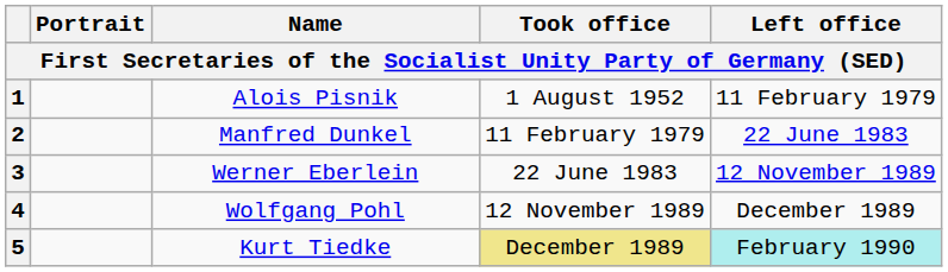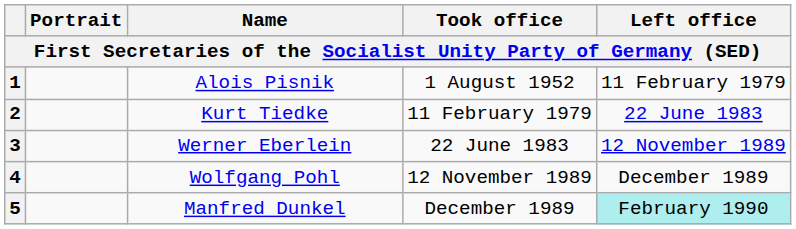 <table class="wikitable" style="text-align:center">
 <tr>
 <th></th>
 <th>Portrait</th>
 <th width=180>Name<br></th>
 <th>Took office</th>
 <th>Left office</th>
 </tr>
 <tr>
 <th colspan=5>First Secretaries of the <a href='#'>Socialist Unity Party of Germany</a> (SED)</th>
 </tr>
 <tr>
 <th style="background:">1</th>
 <td></td>
 <td><a href='#'>Alois Pisnik</a><br></td>
 <td>1 August 1952</td>
 <td>11 February 1979<br></td>
 </tr>
 <tr>
 <th style="background:">2</th>
 <td></td>
-<td><a href='#'>Manfred Dunkel</a></td>
+<td><a href='#'>Kurt Tiedke</a><br></td>
 <td>11 February 1979</td>
 <td><a href='#'>22 June 1983<br></a></td>
 </tr>
 <tr>
 <th style="background:">3</th>
 <td></td>
 <td><a href='#'>Werner Eberlein</a><br></td>
 <td>22 June 1983</td>
 <td><a href='#'>12 November 1989<br></a></td>
 </tr>
 <tr>
 <th style="background:">4</th>
 <td></td>
 <td><a href='#'>Wolfgang Pohl</a><br></td>
 <td>12 November 1989</td>
 <td>December 1989</td>
 </tr>
 <tr>
 <th style="background:">5</th>
 <td></td>
-<td><a href='#'>Kurt Tiedke</a><br></td>
-<td style="background: khaki;">December 1989</td>
+<td><a href='#'>Manfred Dunkel</a></td>
+<td>December 1989</td>
 <td style="background: paleturquoise;">February 1990</td>
 </tr>
 </table>
